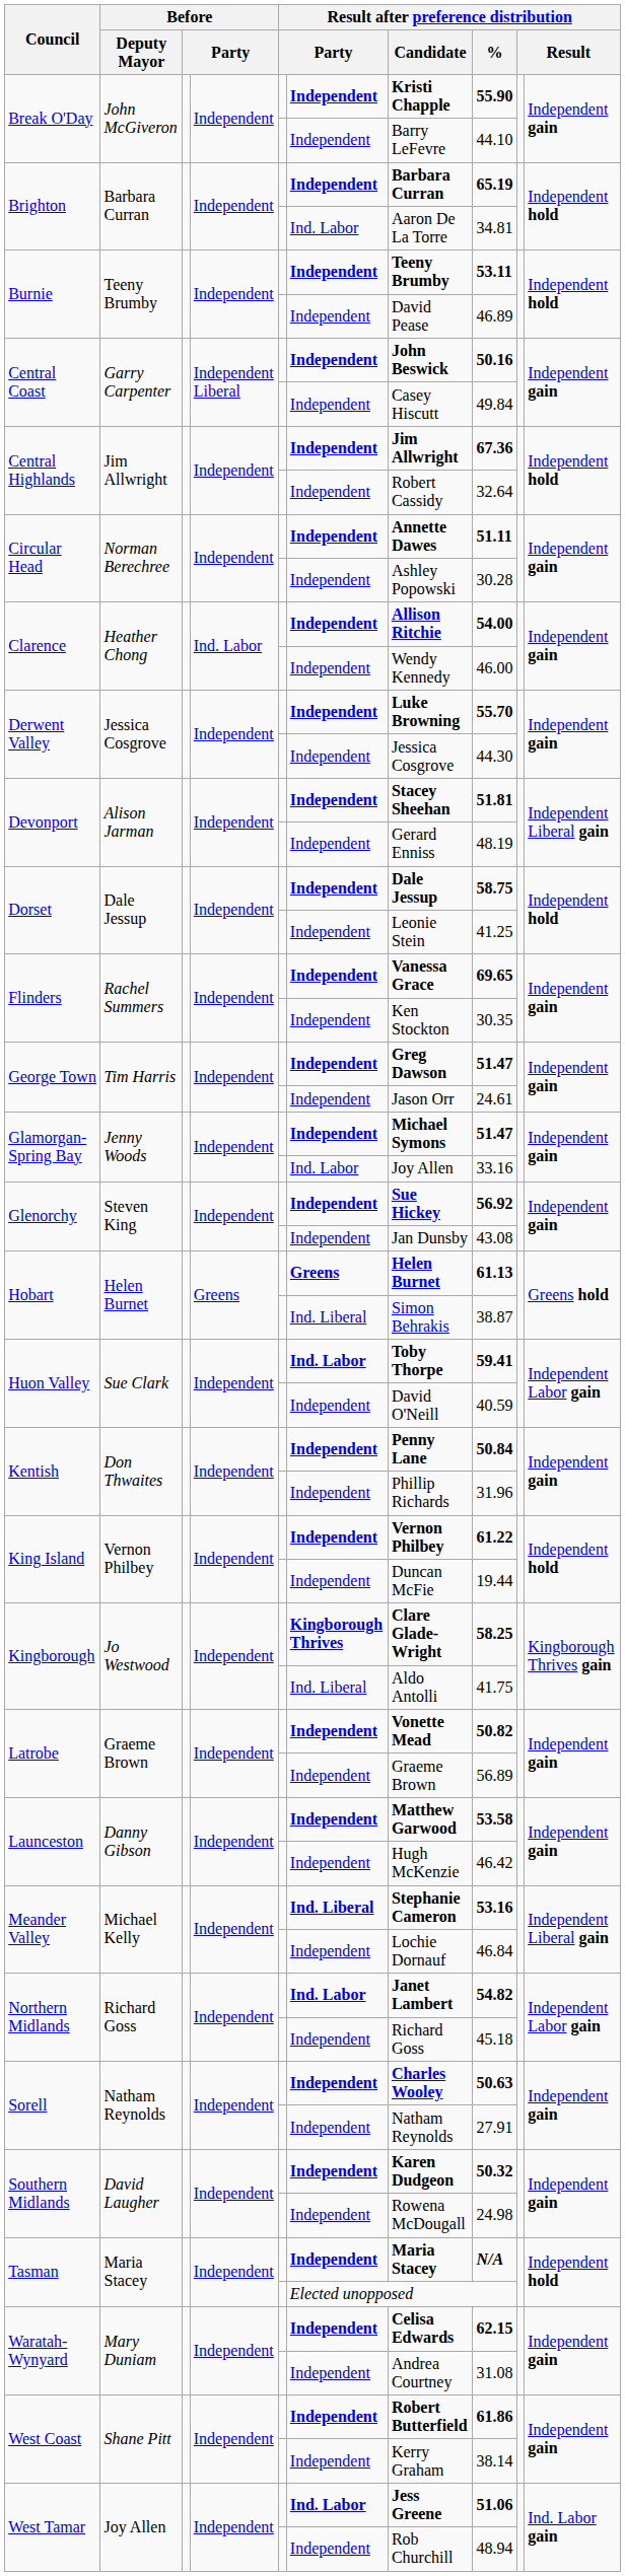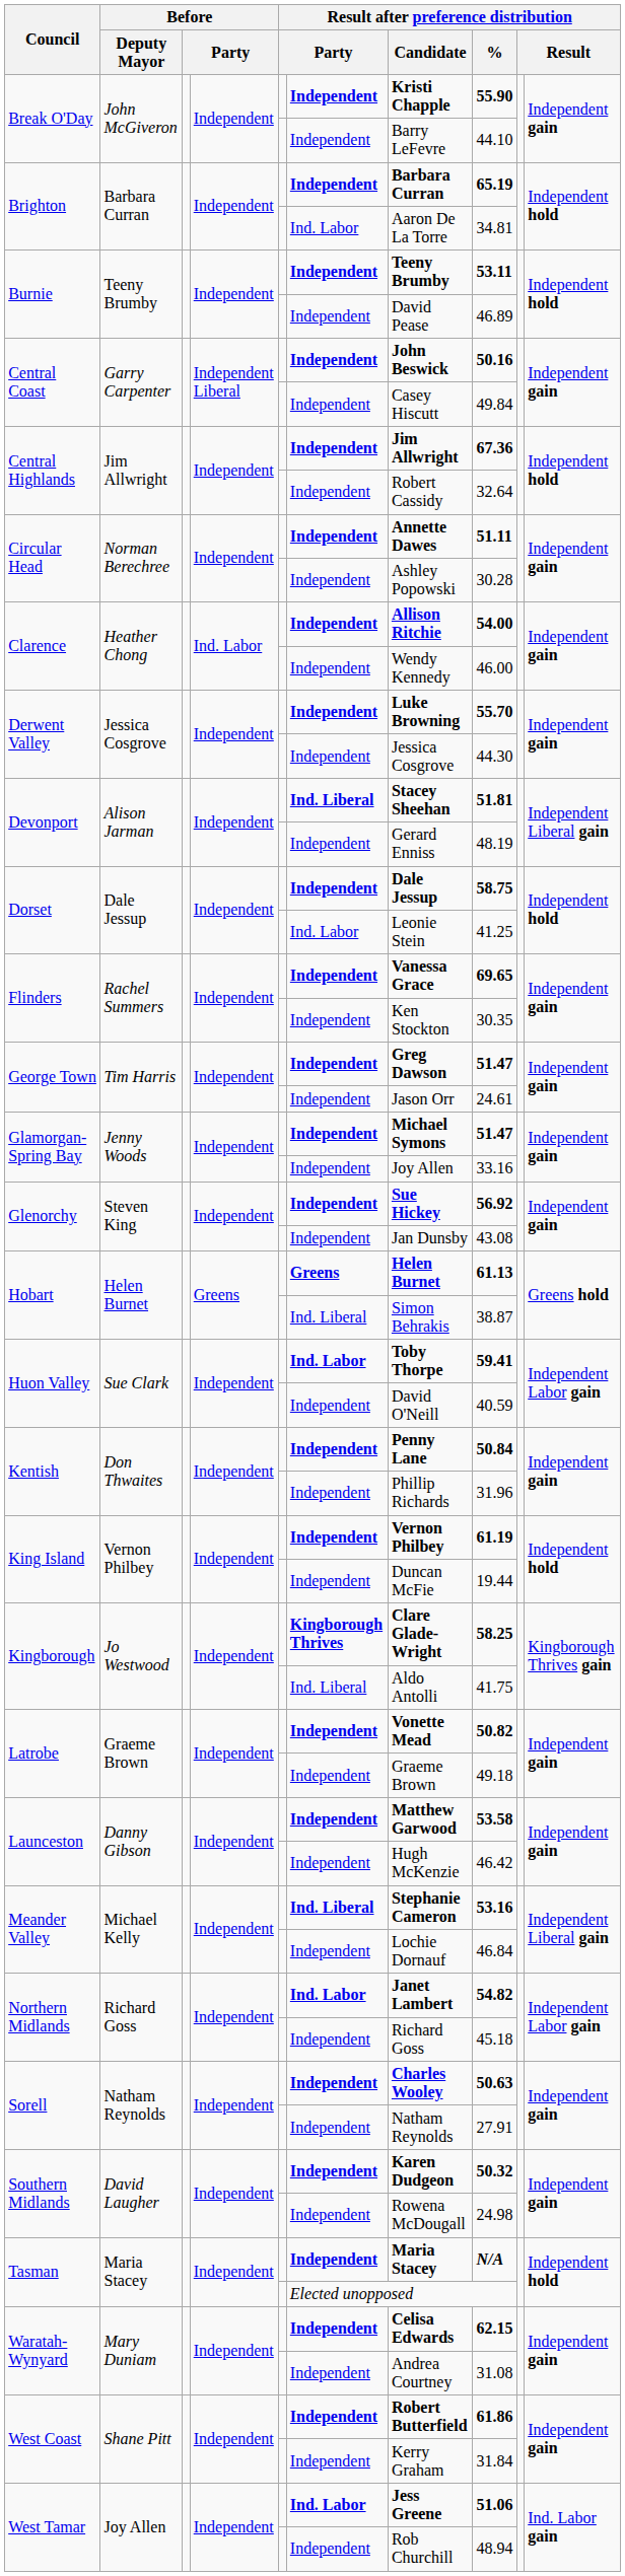 <table class="wikitable sortable" style="border: none;">
 <tr>
 <th rowspan="2">Council</th>
 <th colspan="3">Before</th>
 <th colspan="8">Result after <a href='#'>preference distribution</a></th>
 </tr>
 <tr>
 <th>Deputy Mayor</th>
 <th colspan="2">Party</th>
 <th colspan="2">Party</th>
 <th>Candidate</th>
 <th>%</th>
 <th colspan="2">Result</th>
 </tr>
 <tr>
 <td rowspan="2"><a href='#'>Break O'Day</a></td>
 <td rowspan="2"><em>John McGiveron</em></td>
 <td rowspan="2" ></td>
 <td rowspan="2"><a href='#'>Independent</a></td>
 <td></td>
 <td><strong><a href='#'>Independent</a></strong></td>
 <td><strong>Kristi Chapple</strong></td>
 <td><strong>55.90</strong></td>
 <td rowspan="2" ></td>
 <td rowspan="2"><a href='#'>Independent</a> <strong>gain</strong></td>
 </tr>
 <tr>
 <td></td>
 <td><a href='#'>Independent</a></td>
 <td>Barry LeFevre</td>
 <td>44.10</td>
 </tr>
 <tr>
 <td rowspan="2"><a href='#'>Brighton</a></td>
 <td rowspan="2">Barbara Curran</td>
 <td rowspan="2" ></td>
 <td rowspan="2"><a href='#'>Independent</a></td>
 <td></td>
 <td><strong><a href='#'>Independent</a></strong></td>
 <td><strong>Barbara Curran</strong></td>
 <td><strong>65.19</strong></td>
 <td rowspan="2" ></td>
 <td rowspan="2"><a href='#'>Independent</a> <strong>hold</strong></td>
 </tr>
 <tr>
 <td></td>
 <td><a href='#'>Ind. Labor</a></td>
 <td>Aaron De La Torre</td>
 <td>34.81</td>
 </tr>
 <tr>
 <td rowspan="2"><a href='#'>Burnie</a></td>
 <td rowspan="2">Teeny Brumby</td>
 <td rowspan="2" ></td>
 <td rowspan="2"><a href='#'>Independent</a></td>
 <td></td>
 <td><strong><a href='#'>Independent</a></strong></td>
 <td><strong>Teeny Brumby</strong></td>
 <td><strong>53.11</strong></td>
 <td rowspan="2" ></td>
 <td rowspan="2"><a href='#'>Independent</a> <strong>hold</strong></td>
 </tr>
 <tr>
 <td></td>
 <td><a href='#'>Independent</a></td>
 <td>David Pease</td>
 <td>46.89</td>
 </tr>
 <tr>
 <td rowspan="2"><a href='#'>Central Coast</a></td>
 <td rowspan="2"><em>Garry Carpenter</em></td>
 <td rowspan="2" ></td>
 <td rowspan="2"><a href='#'>Independent Liberal</a></td>
 <td></td>
 <td><strong><a href='#'>Independent</a></strong></td>
 <td><strong>John Beswick</strong></td>
 <td><strong>50.16</strong></td>
 <td rowspan="2" ></td>
 <td rowspan="2"><a href='#'>Independent</a> <strong>gain</strong></td>
 </tr>
 <tr>
 <td></td>
 <td><a href='#'>Independent</a></td>
 <td>Casey Hiscutt</td>
 <td>49.84</td>
 </tr>
 <tr>
 <td rowspan="2"><a href='#'>Central Highlands</a></td>
 <td rowspan="2">Jim Allwright</td>
 <td rowspan="2" ></td>
 <td rowspan="2"><a href='#'>Independent</a></td>
 <td></td>
 <td><strong><a href='#'>Independent</a></strong></td>
 <td><strong>Jim Allwright</strong></td>
 <td><strong>67.36</strong></td>
 <td rowspan="2" ></td>
 <td rowspan="2"><a href='#'>Independent</a> <strong>hold</strong></td>
 </tr>
 <tr>
 <td></td>
 <td><a href='#'>Independent</a></td>
 <td>Robert Cassidy</td>
 <td>32.64</td>
 </tr>
 <tr>
 <td rowspan="2"><a href='#'>Circular Head</a></td>
 <td rowspan="2"><em>Norman Berechree</em></td>
 <td rowspan="2" ></td>
 <td rowspan="2"><a href='#'>Independent</a></td>
 <td></td>
 <td><strong><a href='#'>Independent</a></strong></td>
 <td><strong>Annette Dawes</strong></td>
 <td><strong>51.11</strong></td>
 <td rowspan="2" ></td>
 <td rowspan="2"><a href='#'>Independent</a> <strong>gain</strong></td>
 </tr>
 <tr>
 <td></td>
 <td><a href='#'>Independent</a></td>
 <td>Ashley Popowski</td>
 <td>30.28</td>
 </tr>
 <tr>
 <td rowspan="2"><a href='#'>Clarence</a></td>
 <td rowspan="2"><em>Heather Chong</em></td>
 <td rowspan="2" ></td>
 <td rowspan="2"><a href='#'>Ind. Labor</a></td>
 <td></td>
 <td><strong><a href='#'>Independent</a></strong></td>
 <td><strong><a href='#'>Allison Ritchie</a></strong></td>
 <td><strong>54.00</strong></td>
 <td rowspan="2" ></td>
 <td rowspan="2"><a href='#'>Independent</a> <strong>gain</strong></td>
 </tr>
 <tr>
 <td></td>
 <td><a href='#'>Independent</a></td>
 <td>Wendy Kennedy</td>
 <td>46.00</td>
 </tr>
 <tr>
 <td rowspan="2"><a href='#'>Derwent Valley</a></td>
 <td rowspan="2">Jessica Cosgrove</td>
 <td rowspan="2" ></td>
 <td rowspan="2"><a href='#'>Independent</a></td>
 <td></td>
 <td><strong><a href='#'>Independent</a></strong></td>
 <td><strong>Luke Browning</strong></td>
 <td><strong>55.70</strong></td>
 <td rowspan="2" ></td>
 <td rowspan="2"><a href='#'>Independent</a> <strong>gain</strong></td>
 </tr>
 <tr>
 <td></td>
 <td><a href='#'>Independent</a></td>
 <td>Jessica Cosgrove</td>
 <td>44.30</td>
 </tr>
 <tr>
 <td rowspan="2"><a href='#'>Devonport</a></td>
 <td rowspan="2"><em>Alison Jarman</em></td>
 <td rowspan="2" ></td>
 <td rowspan="2"><a href='#'>Independent</a></td>
 <td></td>
-<td><strong><a href='#'>Independent</a></strong></td>
+<td><strong><a href='#'>Ind. Liberal</a></strong></td>
 <td><strong>Stacey Sheehan</strong></td>
 <td><strong>51.81</strong></td>
 <td rowspan="2" ></td>
 <td rowspan="2"><a href='#'>Independent Liberal</a> <strong>gain</strong></td>
 </tr>
 <tr>
 <td></td>
 <td><a href='#'>Independent</a></td>
 <td>Gerard Enniss</td>
 <td>48.19</td>
 </tr>
 <tr>
 <td rowspan="2"><a href='#'>Dorset</a></td>
 <td rowspan="2">Dale Jessup</td>
 <td rowspan="2" ></td>
 <td rowspan="2"><a href='#'>Independent</a></td>
 <td></td>
 <td><strong><a href='#'>Independent</a></strong></td>
 <td><strong>Dale Jessup</strong></td>
 <td><strong>58.75</strong></td>
 <td rowspan="2" ></td>
 <td rowspan="2"><a href='#'>Independent</a> <strong>hold</strong></td>
 </tr>
 <tr>
 <td></td>
-<td><a href='#'>Independent</a></td>
+<td><a href='#'>Ind. Labor</a></td>
 <td>Leonie Stein</td>
 <td>41.25</td>
 </tr>
 <tr>
 <td rowspan="2"><a href='#'>Flinders</a></td>
 <td rowspan="2"><em>Rachel Summers</em></td>
 <td rowspan="2" ></td>
 <td rowspan="2"><a href='#'>Independent</a></td>
 <td></td>
 <td><strong><a href='#'>Independent</a></strong></td>
 <td><strong>Vanessa Grace</strong></td>
 <td><strong>69.65</strong></td>
 <td rowspan="2" ></td>
 <td rowspan="2"><a href='#'>Independent</a> <strong>gain</strong></td>
 </tr>
 <tr>
 <td></td>
 <td><a href='#'>Independent</a></td>
 <td>Ken Stockton</td>
 <td>30.35</td>
 </tr>
 <tr>
 <td rowspan="2"><a href='#'>George Town</a></td>
 <td rowspan="2"><em>Tim Harris</em></td>
 <td rowspan="2" ></td>
 <td rowspan="2"><a href='#'>Independent</a></td>
 <td></td>
 <td><strong><a href='#'>Independent</a></strong></td>
 <td><strong>Greg Dawson</strong></td>
 <td><strong>51.47</strong></td>
 <td rowspan="2" ></td>
 <td rowspan="2"><a href='#'>Independent</a> <strong>gain</strong></td>
 </tr>
 <tr>
 <td></td>
 <td><a href='#'>Independent</a></td>
 <td>Jason Orr</td>
 <td>24.61</td>
 </tr>
 <tr>
 <td rowspan="2"><a href='#'>Glamorgan-Spring Bay</a></td>
 <td rowspan="2"><em>Jenny Woods</em></td>
 <td rowspan="2" ></td>
 <td rowspan="2"><a href='#'>Independent</a></td>
 <td></td>
 <td><strong><a href='#'>Independent</a></strong></td>
 <td><strong>Michael Symons</strong></td>
 <td><strong>51.47</strong></td>
 <td rowspan="2" ></td>
 <td rowspan="2"><a href='#'>Independent</a> <strong>gain</strong></td>
 </tr>
 <tr>
 <td></td>
-<td><a href='#'>Ind. Labor</a></td>
+<td><a href='#'>Independent</a></td>
 <td>Joy Allen</td>
 <td>33.16</td>
 </tr>
 <tr>
 <td rowspan="2"><a href='#'>Glenorchy</a></td>
 <td rowspan="2">Steven King</td>
 <td rowspan="2" ></td>
 <td rowspan="2"><a href='#'>Independent</a></td>
 <td></td>
 <td><strong><a href='#'>Independent</a></strong></td>
 <td><strong><a href='#'>Sue Hickey</a></strong></td>
 <td><strong>56.92</strong></td>
 <td rowspan="2" ></td>
 <td rowspan="2"><a href='#'>Independent</a> <strong>gain</strong></td>
 </tr>
 <tr>
 <td></td>
 <td><a href='#'>Independent</a></td>
 <td>Jan Dunsby</td>
 <td>43.08</td>
 </tr>
 <tr>
 <td rowspan="2"><a href='#'>Hobart</a></td>
 <td rowspan="2"><a href='#'>Helen Burnet</a></td>
 <td rowspan="2" ></td>
 <td rowspan="2"><a href='#'>Greens</a></td>
 <td></td>
 <td><strong><a href='#'>Greens</a></strong></td>
 <td><strong><a href='#'>Helen Burnet</a></strong></td>
 <td><strong>61.13</strong></td>
 <td rowspan="2" ></td>
 <td rowspan="2"><a href='#'>Greens</a> <strong>hold</strong></td>
 </tr>
 <tr>
 <td></td>
 <td><a href='#'>Ind. Liberal</a></td>
 <td><a href='#'>Simon Behrakis</a></td>
 <td>38.87</td>
 </tr>
 <tr>
 <td rowspan="2"><a href='#'>Huon Valley</a></td>
 <td rowspan="2"><em>Sue Clark</em></td>
 <td rowspan="2" ></td>
 <td rowspan="2"><a href='#'>Independent</a></td>
 <td></td>
 <td><strong><a href='#'>Ind. Labor</a></strong></td>
 <td><strong>Toby Thorpe</strong></td>
 <td><strong>59.41</strong></td>
 <td rowspan="2" ></td>
 <td rowspan="2"><a href='#'>Independent Labor</a> <strong>gain</strong></td>
 </tr>
 <tr>
 <td></td>
 <td><a href='#'>Independent</a></td>
 <td>David O'Neill</td>
 <td>40.59</td>
 </tr>
 <tr>
 <td rowspan="2"><a href='#'>Kentish</a></td>
 <td rowspan="2"><em>Don Thwaites</em></td>
 <td rowspan="2" ></td>
 <td rowspan="2"><a href='#'>Independent</a></td>
 <td></td>
 <td><strong><a href='#'>Independent</a></strong></td>
 <td><strong>Penny Lane</strong></td>
 <td><strong>50.84</strong></td>
 <td rowspan="2" ></td>
 <td rowspan="2"><a href='#'>Independent</a> <strong>gain</strong></td>
 </tr>
 <tr>
 <td></td>
 <td><a href='#'>Independent</a></td>
 <td>Phillip Richards</td>
 <td>31.96</td>
 </tr>
 <tr>
 <td rowspan="2"><a href='#'>King Island</a></td>
 <td rowspan="2">Vernon Philbey</td>
 <td rowspan="2" ></td>
 <td rowspan="2"><a href='#'>Independent</a></td>
 <td></td>
 <td><strong><a href='#'>Independent</a></strong></td>
 <td><strong>Vernon Philbey</strong></td>
-<td><strong>61.22</strong></td>
+<td><strong>61.19</strong></td>
 <td rowspan="2" ></td>
 <td rowspan="2"><a href='#'>Independent</a> <strong>hold</strong></td>
 </tr>
 <tr>
 <td></td>
 <td><a href='#'>Independent</a></td>
 <td>Duncan McFie</td>
 <td>19.44</td>
 </tr>
 <tr>
 <td rowspan="2"><a href='#'>Kingborough</a></td>
 <td rowspan="2"><em>Jo Westwood</em></td>
 <td rowspan="2" ></td>
 <td rowspan="2"><a href='#'>Independent</a></td>
 <td></td>
 <td><strong><a href='#'>Kingborough Thrives</a></strong></td>
 <td><strong>Clare Glade-Wright</strong></td>
 <td><strong>58.25</strong></td>
 <td rowspan="2" ></td>
 <td rowspan="2"><a href='#'>Kingborough Thrives</a> <strong>gain</strong></td>
 </tr>
 <tr>
 <td></td>
 <td><a href='#'>Ind. Liberal</a></td>
 <td>Aldo Antolli</td>
 <td>41.75</td>
 </tr>
 <tr>
 <td rowspan="2"><a href='#'>Latrobe</a></td>
 <td rowspan="2">Graeme Brown</td>
 <td rowspan="2" ></td>
 <td rowspan="2"><a href='#'>Independent</a></td>
 <td></td>
 <td><strong><a href='#'>Independent</a></strong></td>
 <td><strong>Vonette Mead</strong></td>
 <td><strong>50.82</strong></td>
 <td rowspan="2" ></td>
 <td rowspan="2"><a href='#'>Independent</a> <strong>gain</strong></td>
 </tr>
 <tr>
 <td></td>
 <td><a href='#'>Independent</a></td>
 <td>Graeme Brown</td>
-<td>56.89</td>
+<td>49.18</td>
 </tr>
 <tr>
 <td rowspan="2"><a href='#'>Launceston</a></td>
 <td rowspan="2"><em>Danny Gibson</em></td>
 <td rowspan="2" ></td>
 <td rowspan="2"><a href='#'>Independent</a></td>
 <td></td>
 <td><strong><a href='#'>Independent</a></strong></td>
 <td><strong>Matthew Garwood</strong></td>
 <td><strong>53.58</strong></td>
 <td rowspan="2" ></td>
 <td rowspan="2"><a href='#'>Independent</a> <strong>gain</strong></td>
 </tr>
 <tr>
 <td></td>
 <td><a href='#'>Independent</a></td>
 <td>Hugh McKenzie</td>
 <td>46.42</td>
 </tr>
 <tr>
 <td rowspan="2"><a href='#'>Meander Valley</a></td>
 <td rowspan="2">Michael Kelly</td>
 <td rowspan="2" ></td>
 <td rowspan="2"><a href='#'>Independent</a></td>
 <td></td>
 <td><strong><a href='#'>Ind. Liberal</a></strong></td>
 <td><strong>Stephanie Cameron</strong></td>
 <td><strong>53.16</strong></td>
 <td rowspan="2" ></td>
 <td rowspan="2"><a href='#'>Independent Liberal</a> <strong>gain</strong></td>
 </tr>
 <tr>
 <td></td>
 <td><a href='#'>Independent</a></td>
 <td>Lochie Dornauf</td>
 <td>46.84</td>
 </tr>
 <tr>
 <td rowspan="2"><a href='#'>Northern Midlands</a></td>
 <td rowspan="2">Richard Goss</td>
 <td rowspan="2" ></td>
 <td rowspan="2"><a href='#'>Independent</a></td>
 <td></td>
 <td><strong><a href='#'>Ind. Labor</a></strong></td>
 <td><strong>Janet Lambert</strong></td>
 <td><strong>54.82</strong></td>
 <td rowspan="2" ></td>
 <td rowspan="2"><a href='#'>Independent Labor</a> <strong>gain</strong></td>
 </tr>
 <tr>
 <td></td>
 <td><a href='#'>Independent</a></td>
 <td>Richard Goss</td>
 <td>45.18</td>
 </tr>
 <tr>
 <td rowspan="2"><a href='#'>Sorell</a></td>
 <td rowspan="2">Natham Reynolds</td>
 <td rowspan="2" ></td>
 <td rowspan="2"><a href='#'>Independent</a></td>
 <td></td>
 <td><strong><a href='#'>Independent</a></strong></td>
 <td><strong><a href='#'>Charles Wooley</a></strong></td>
 <td><strong>50.63</strong></td>
 <td rowspan="2" ></td>
 <td rowspan="2"><a href='#'>Independent</a> <strong>gain</strong></td>
 </tr>
 <tr>
 <td></td>
 <td><a href='#'>Independent</a></td>
 <td>Natham Reynolds</td>
 <td>27.91</td>
 </tr>
 <tr>
 <td rowspan="2"><a href='#'>Southern Midlands</a></td>
 <td rowspan="2"><em>David Laugher</em></td>
 <td rowspan="2" ></td>
 <td rowspan="2"><a href='#'>Independent</a></td>
 <td></td>
 <td><strong><a href='#'>Independent</a></strong></td>
 <td><strong>Karen Dudgeon</strong></td>
 <td><strong>50.32</strong></td>
 <td rowspan="2" ></td>
 <td rowspan="2"><a href='#'>Independent</a> <strong>gain</strong></td>
 </tr>
 <tr>
 <td></td>
 <td><a href='#'>Independent</a></td>
 <td>Rowena McDougall</td>
 <td>24.98</td>
 </tr>
 <tr>
 <td rowspan="2"><a href='#'>Tasman</a></td>
 <td rowspan="2">Maria Stacey</td>
 <td rowspan="2" ></td>
 <td rowspan="2"><a href='#'>Independent</a></td>
 <td></td>
 <td><strong><a href='#'>Independent</a></strong></td>
 <td><strong>Maria Stacey</strong></td>
 <td><strong><em>N/A</em></strong></td>
 <td rowspan="2" ></td>
 <td rowspan="2"><a href='#'>Independent</a> <strong>hold</strong></td>
 </tr>
 <tr>
 <td></td>
 <td colspan="3"><em>Elected unopposed</em></td>
 </tr>
 <tr>
 <td rowspan="2"><a href='#'>Waratah-Wynyard</a></td>
 <td rowspan="2"><em>Mary Duniam</em></td>
 <td rowspan="2" ></td>
 <td rowspan="2"><a href='#'>Independent</a></td>
 <td></td>
 <td><strong><a href='#'>Independent</a></strong></td>
 <td><strong>Celisa Edwards</strong></td>
 <td><strong>62.15</strong></td>
 <td rowspan="2" ></td>
 <td rowspan="2"><a href='#'>Independent</a> <strong>gain</strong></td>
 </tr>
 <tr>
 <td></td>
 <td><a href='#'>Independent</a></td>
 <td>Andrea Courtney</td>
 <td>31.08</td>
 </tr>
 <tr>
 <td rowspan="2"><a href='#'>West Coast</a></td>
 <td rowspan="2"><em>Shane Pitt</em></td>
 <td rowspan="2" ></td>
 <td rowspan="2"><a href='#'>Independent</a></td>
 <td></td>
 <td><strong><a href='#'>Independent</a></strong></td>
 <td><strong>Robert Butterfield</strong></td>
 <td><strong>61.86</strong></td>
 <td rowspan="2" ></td>
 <td rowspan="2"><a href='#'>Independent</a> <strong>gain</strong></td>
 </tr>
 <tr>
 <td></td>
 <td><a href='#'>Independent</a></td>
 <td>Kerry Graham</td>
-<td>38.14</td>
+<td>31.84</td>
 </tr>
 <tr>
 <td rowspan="2"><a href='#'>West Tamar</a></td>
 <td rowspan="2">Joy Allen</td>
 <td rowspan="2" ></td>
 <td rowspan="2"><a href='#'>Independent</a></td>
 <td></td>
 <td><strong><a href='#'>Ind. Labor</a></strong></td>
 <td><strong>Jess Greene</strong></td>
 <td><strong>51.06</strong></td>
 <td rowspan="2" ></td>
 <td rowspan="2"><a href='#'>Ind. Labor</a> <strong>gain</strong></td>
 </tr>
 <tr>
 <td></td>
 <td><a href='#'>Independent</a></td>
 <td>Rob Churchill</td>
 <td>48.94</td>
 </tr>
 </table>
